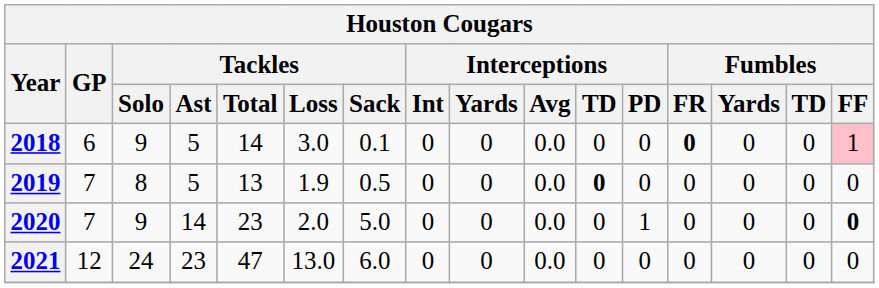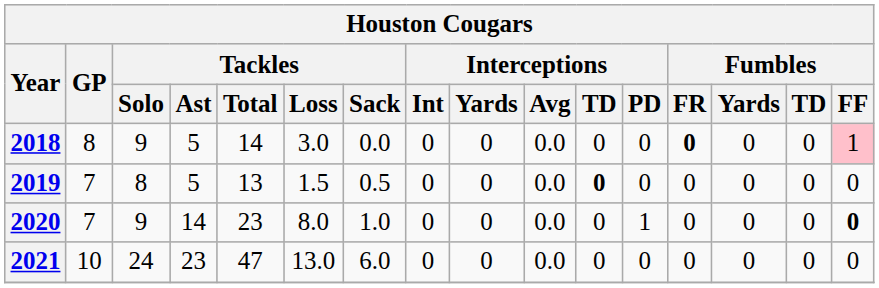 <table class="wikitable" style="text-align:center;">
 <tr>
 <th colspan="18">Houston Cougars</th>
 </tr>
 <tr>
 <th rowspan="2">Year</th>
 <th rowspan="2">GP</th>
 <th colspan="5">Tackles</th>
 <th colspan="5">Interceptions</th>
 <th colspan="4">Fumbles</th>
 </tr>
 <tr>
 <th>Solo</th>
 <th>Ast</th>
 <th>Total</th>
 <th>Loss</th>
 <th>Sack</th>
 <th>Int</th>
 <th>Yards</th>
 <th>Avg</th>
 <th>TD</th>
 <th>PD</th>
 <th>FR</th>
 <th>Yards</th>
 <th>TD</th>
 <th>FF</th>
 </tr>
 <tr>
 <th><a href='#'>2018</a></th>
-<td>6</td>
+<td>8</td>
 <td>9</td>
 <td>5</td>
 <td>14</td>
 <td>3.0</td>
-<td>0.1</td>
+<td>0.0</td>
 <td>0</td>
 <td>0</td>
 <td>0.0</td>
 <td>0</td>
 <td>0</td>
 <td><strong>0</strong></td>
 <td>0</td>
 <td>0</td>
 <td style="background: pink;">1</td>
 </tr>
 <tr>
 <th><a href='#'>2019</a></th>
 <td>7</td>
 <td>8</td>
 <td>5</td>
 <td>13</td>
-<td>1.9</td>
+<td>1.5</td>
 <td>0.5</td>
 <td>0</td>
 <td>0</td>
 <td>0.0</td>
 <td><strong>0</strong></td>
 <td>0</td>
 <td>0</td>
 <td>0</td>
 <td>0</td>
 <td>0</td>
 </tr>
 <tr>
 <th><a href='#'>2020</a></th>
 <td>7</td>
 <td>9</td>
 <td>14</td>
 <td>23</td>
-<td>2.0</td>
-<td>5.0</td>
+<td>8.0</td>
+<td>1.0</td>
 <td>0</td>
 <td>0</td>
 <td>0.0</td>
 <td>0</td>
 <td>1</td>
 <td>0</td>
 <td>0</td>
 <td>0</td>
 <td><strong>0</strong></td>
 </tr>
 <tr>
 <th><a href='#'>2021</a></th>
-<td>12</td>
+<td>10</td>
 <td>24</td>
 <td>23</td>
 <td>47</td>
 <td>13.0</td>
 <td>6.0</td>
 <td>0</td>
 <td>0</td>
 <td>0.0</td>
 <td>0</td>
 <td>0</td>
 <td>0</td>
 <td>0</td>
 <td>0</td>
 <td>0</td>
 </tr>
 <tr>
 </tr>
 </table>
